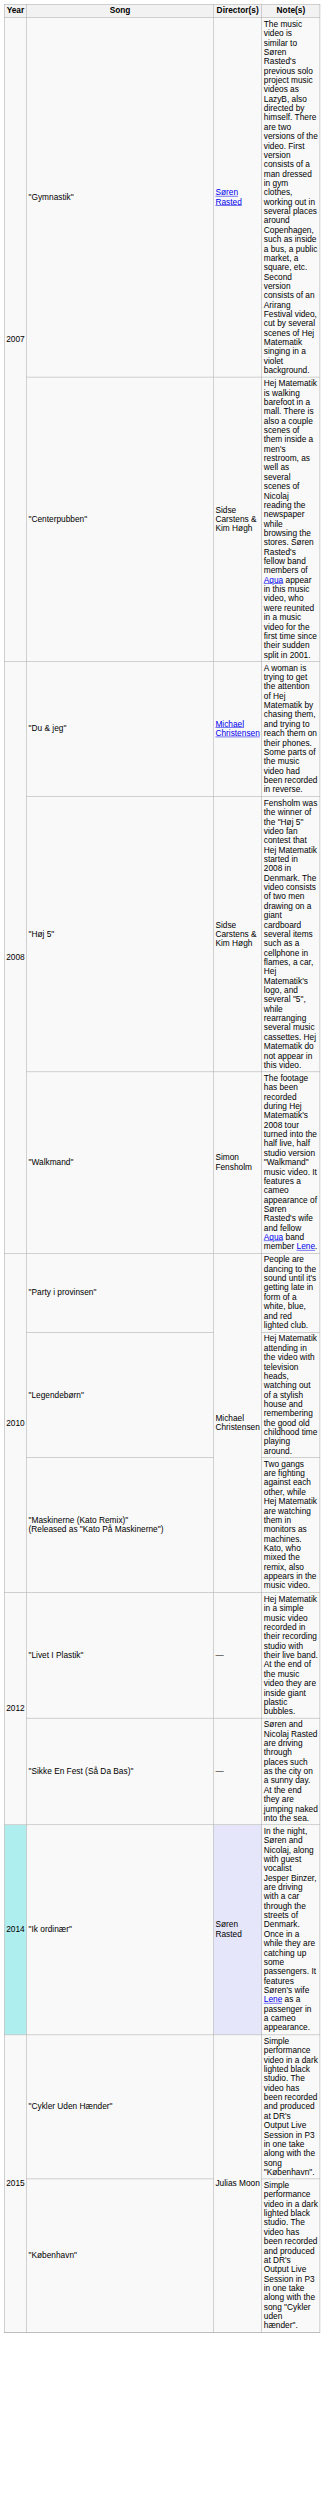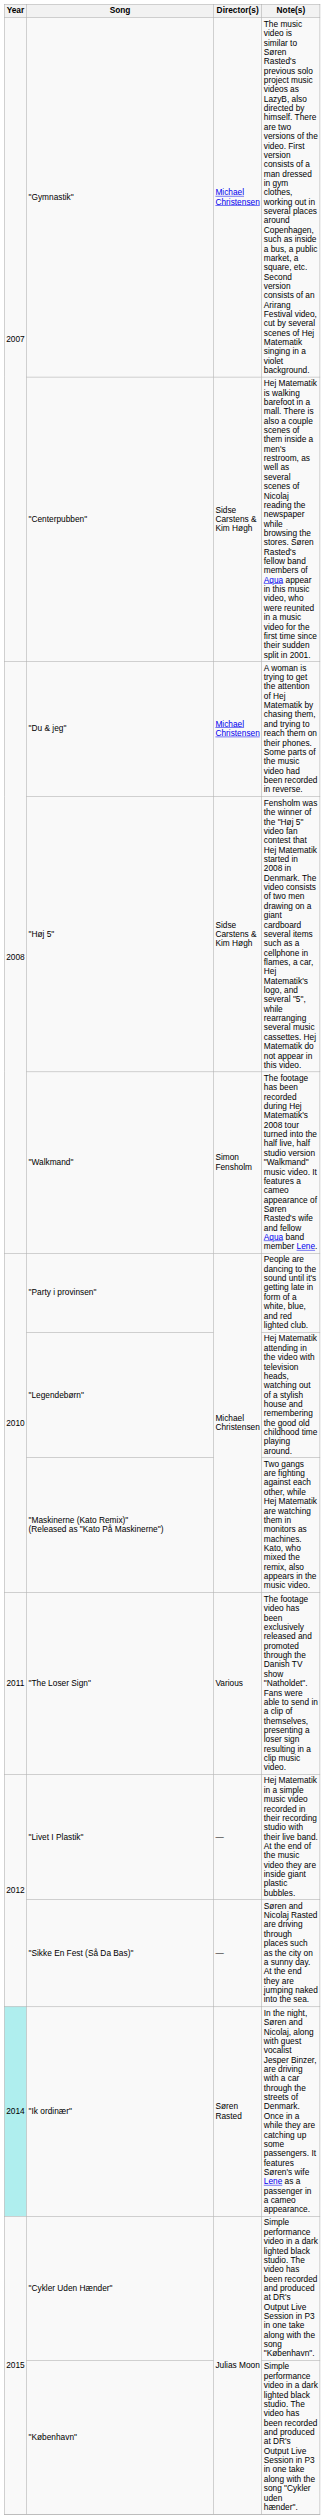 <table class="wikitable">
 <tr>
 <th>Year</th>
 <th style="width:22em">Song</th>
 <th>Director(s)</th>
 <th>Note(s)</th>
 </tr>
 <tr>
 <td align="center" rowspan="2">2007</td>
 <td>"Gymnastik"</td>
-<td><a href='#'>Søren Rasted</a></td>
+<td><a href='#'>Michael Christensen</a></td>
 <td>The music video is similar to Søren Rasted's previous solo project music videos as LazyB, also directed by himself. There are two versions of the video. First version consists of a man dressed in gym clothes, working out in several places around Copenhagen, such as inside a bus, a public market, a square, etc. Second version consists of an Arirang Festival video, cut by several scenes of Hej Matematik singing in a violet background.</td>
 </tr>
 <tr>
 <td>"Centerpubben"</td>
 <td>Sidse Carstens & Kim Høgh</td>
 <td>Hej Matematik is walking barefoot in a mall. There is also a couple scenes of them inside a men's restroom, as well as several scenes of Nicolaj reading the newspaper while browsing the stores. Søren Rasted's fellow band members of <a href='#'>Aqua</a> appear in this music video, who were reunited in a music video for the first time since their sudden split in 2001.</td>
 </tr>
 <tr>
 <td align="center" rowspan="3">2008</td>
 <td>"Du & jeg"</td>
 <td><a href='#'>Michael Christensen</a></td>
 <td>A woman is trying to get the attention of Hej Matematik by chasing them, and trying to reach them on their phones. Some parts of the music video had been recorded in reverse.</td>
 </tr>
 <tr>
 <td>"Høj 5"</td>
 <td>Sidse Carstens & Kim Høgh</td>
 <td>Fensholm was the winner of the "Høj 5" video fan contest that Hej Matematik started in 2008 in Denmark. The video consists of two men drawing on a giant cardboard several items such as a cellphone in flames, a car, Hej Matematik's logo, and several "5", while rearranging several music cassettes. Hej Matematik do not appear in this video.</td>
 </tr>
 <tr>
 <td>"Walkmand"</td>
 <td>Simon Fensholm</td>
 <td>The footage has been recorded during Hej Matematik's 2008 tour turned into the half live, half studio version "Walkmand" music video. It features a cameo appearance of Søren Rasted's wife and fellow <a href='#'>Aqua</a> band member <a href='#'>Lene</a>.</td>
 </tr>
 <tr>
 <td align="center" rowspan="3">2010</td>
 <td>"Party i provinsen"</td>
 <td rowspan="3">Michael Christensen</td>
 <td>People are dancing to the sound until it's getting late in form of a white, blue, and red lighted club.</td>
 </tr>
 <tr>
 <td>"Legendebørn"</td>
 <td>Hej Matematik attending in the video with television heads, watching out of a stylish house and remembering the good old childhood time playing around.</td>
 </tr>
 <tr>
 <td>"Maskinerne (Kato Remix)"<br>(Released as "Kato På Maskinerne")</td>
 <td>Two gangs are fighting against each other, while Hej Matematik are watching them in monitors as machines. Kato, who mixed the remix, also appears in the music video.</td>
 </tr>
 <tr>
+<td align="center" rowspan="1">2011</td>
+<td>"The Loser Sign"</td>
+<td>Various</td>
+<td>The footage video has been exclusively released and promoted through the Danish TV show "Natholdet". Fans were able to send in a clip of themselves, presenting a loser sign resulting in a clip music video.</td>
+</tr>
+<tr>
 <td align="center" rowspan="2">2012</td>
 <td>"Livet I Plastik"</td>
 <td>—</td>
 <td>Hej Matematik in a simple music video recorded in their recording studio with their live band. At the end of the music video they are inside giant plastic bubbles.</td>
 </tr>
 <tr>
 <td>"Sikke En Fest (Så Da Bas)"</td>
 <td>—</td>
 <td>Søren and Nicolaj Rasted are driving through places such as the city on a sunny day. At the end they are jumping naked into the sea.</td>
 </tr>
 <tr>
 <td style="background: paleturquoise;">2014</td>
 <td>"Ik ordinær"</td>
-<td style="background: lavender;">Søren Rasted</td>
+<td>Søren Rasted</td>
 <td>In the night, Søren and Nicolaj, along with guest vocalist Jesper Binzer, are driving with a car through the streets of Denmark. Once in a while they are catching up some passengers. It features Søren's wife <a href='#'>Lene</a> as a passenger in a cameo appearance.</td>
 </tr>
 <tr>
 <td align="center" rowspan="2">2015</td>
 <td>"Cykler Uden Hænder"</td>
 <td rowspan="2">Julias Moon</td>
 <td>Simple performance video in a dark lighted black studio. The video has been recorded and produced at DR's Output Live Session in P3 in one take along with the song "København".</td>
 </tr>
 <tr>
 <td>"København"</td>
 <td>Simple performance video in a dark lighted black studio. The video has been recorded and produced at DR's Output Live Session in P3 in one take along with the song "Cykler uden hænder".</td>
 </tr>
 <tr>
 </tr>
 </table>
